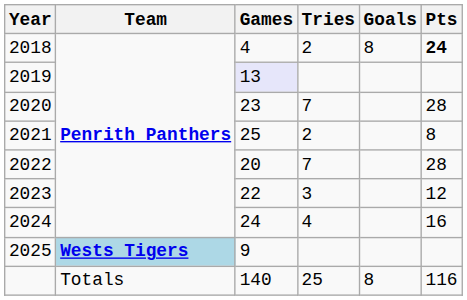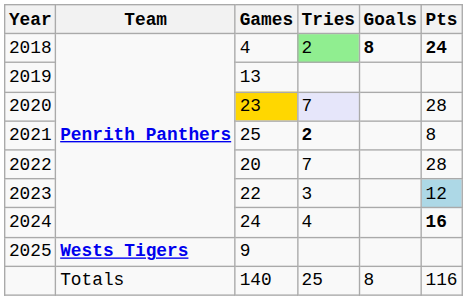 <table class="wikitable">
 <tr>
 <th>Year</th>
 <th>Team</th>
 <th>Games</th>
 <th>Tries</th>
 <th>Goals</th>
 <th>Pts</th>
 </tr>
 <tr>
 <td>2018</td>
 <td rowspan="7"> <strong><a href='#'>Penrith Panthers</a></strong></td>
 <td>4</td>
-<td>2</td>
-<td>8</td>
+<td style="background: lightgreen;">2</td>
+<td><strong>8</strong></td>
 <td><strong>24</strong></td>
 </tr>
 <tr>
 <td>2019</td>
-<td style="background: lavender;">13</td>
+<td>13</td>
 <td></td>
 <td></td>
 <td></td>
 </tr>
 <tr>
 <td>2020</td>
-<td>23</td>
-<td>7</td>
+<td style="background: gold;">23</td>
+<td style="background: lavender;">7</td>
 <td></td>
 <td>28</td>
 </tr>
 <tr>
 <td>2021</td>
 <td>25</td>
-<td>2</td>
+<td><strong>2</strong></td>
 <td></td>
 <td>8</td>
 </tr>
 <tr>
 <td>2022</td>
 <td>20</td>
 <td>7</td>
 <td></td>
 <td>28</td>
 </tr>
 <tr>
 <td>2023</td>
 <td>22</td>
 <td>3</td>
 <td></td>
-<td>12</td>
+<td style="background: lightblue;">12</td>
 </tr>
 <tr>
 <td>2024</td>
 <td>24</td>
 <td>4</td>
 <td></td>
-<td>16</td>
+<td><strong>16</strong></td>
 </tr>
 <tr>
 <td>2025</td>
-<td style="background: lightblue;"> <strong><a href='#'>Wests Tigers</a></strong></td>
+<td> <strong><a href='#'>Wests Tigers</a></strong></td>
 <td>9</td>
 <td></td>
 <td></td>
 <td></td>
 </tr>
 <tr>
 <td></td>
 <td>Totals</td>
 <td>140</td>
 <td>25</td>
 <td>8</td>
 <td>116</td>
 </tr>
 </table>
